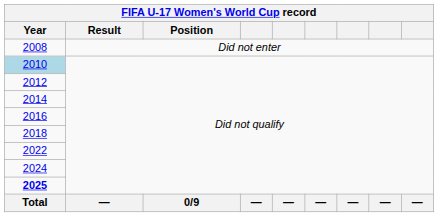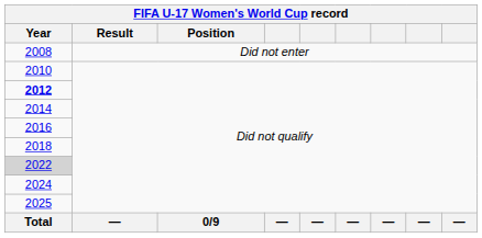 <table class="wikitable" style="text-align: center; width:50%;">
 <tr>
 <th colspan=9><a href='#'>FIFA U-17 Women's World Cup</a> record</th>
 </tr>
 <tr>
 <th>Year</th>
 <th>Result</th>
 <th>Position</th>
 <th></th>
 <th></th>
 <th></th>
 <th></th>
 <th></th>
 <th></th>
 </tr>
 <tr>
 <td> <a href='#'>2008</a></td>
 <td colspan=8><em>Did not enter</em></td>
 </tr>
 <tr>
-<td style="background: lightblue;"> <a href='#'>2010</a></td>
+<td> <a href='#'>2010</a></td>
 <td colspan=8 rowspan=8><em>Did not qualify</em></td>
 </tr>
 <tr>
-<td> <a href='#'>2012</a></td>
+<td><strong> <a href='#'>2012</a></strong></td>
 </tr>
 <tr>
 <td> <a href='#'>2014</a></td>
 </tr>
 <tr>
 <td> <a href='#'>2016</a></td>
 </tr>
 <tr>
 <td> <a href='#'>2018</a></td>
 </tr>
 <tr>
-<td> <a href='#'>2022</a></td>
+<td style="background: lightgrey;"> <a href='#'>2022</a></td>
 </tr>
 <tr>
 <td> <a href='#'>2024</a></td>
 </tr>
 <tr>
-<td><strong> <a href='#'>2025</a></strong></td>
+<td> <a href='#'>2025</a></td>
 </tr>
 <tr>
 <th>Total</th>
 <th>—</th>
 <th>0/9</th>
 <th>—</th>
 <th>—</th>
 <th>—</th>
 <th>—</th>
 <th>—</th>
 <th>—</th>
 </tr>
 </table>
